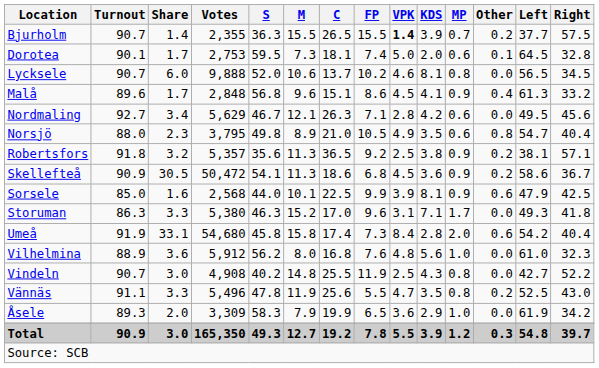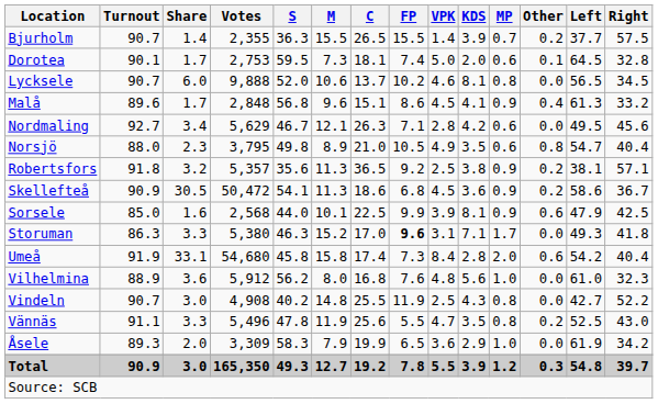 <table class="wikitable sortable" style=text-align:right>
 <tr>
 <th>Location</th>
 <th>Turnout</th>
 <th>Share</th>
 <th>Votes</th>
 <th><a href='#'>S</a></th>
 <th><a href='#'>M</a></th>
 <th><a href='#'>C</a></th>
 <th><a href='#'>FP</a></th>
 <th><a href='#'>VPK</a></th>
 <th><a href='#'>KDS</a></th>
 <th><a href='#'>MP</a></th>
 <th>Other</th>
 <th>Left</th>
 <th>Right</th>
 </tr>
 <tr>
 <td align=left><a href='#'>Bjurholm</a></td>
 <td>90.7</td>
 <td>1.4</td>
 <td>2,355</td>
 <td>36.3</td>
 <td>15.5</td>
 <td>26.5</td>
 <td>15.5</td>
-<td><strong>1.4</strong></td>
+<td>1.4</td>
 <td>3.9</td>
 <td>0.7</td>
 <td>0.2</td>
 <td>37.7</td>
 <td>57.5</td>
 </tr>
 <tr>
 <td align=left><a href='#'>Dorotea</a></td>
 <td>90.1</td>
 <td>1.7</td>
 <td>2,753</td>
 <td>59.5</td>
 <td>7.3</td>
 <td>18.1</td>
 <td>7.4</td>
 <td>5.0</td>
 <td>2.0</td>
 <td>0.6</td>
 <td>0.1</td>
 <td>64.5</td>
 <td>32.8</td>
 </tr>
 <tr>
 <td align=left><a href='#'>Lycksele</a></td>
 <td>90.7</td>
 <td>6.0</td>
 <td>9,888</td>
 <td>52.0</td>
 <td>10.6</td>
 <td>13.7</td>
 <td>10.2</td>
 <td>4.6</td>
 <td>8.1</td>
 <td>0.8</td>
 <td>0.0</td>
 <td>56.5</td>
 <td>34.5</td>
 </tr>
 <tr>
 <td align=left><a href='#'>Malå</a></td>
 <td>89.6</td>
 <td>1.7</td>
 <td>2,848</td>
 <td>56.8</td>
 <td>9.6</td>
 <td>15.1</td>
 <td>8.6</td>
 <td>4.5</td>
 <td>4.1</td>
 <td>0.9</td>
 <td>0.4</td>
 <td>61.3</td>
 <td>33.2</td>
 </tr>
 <tr>
 <td align=left><a href='#'>Nordmaling</a></td>
 <td>92.7</td>
 <td>3.4</td>
 <td>5,629</td>
 <td>46.7</td>
 <td>12.1</td>
 <td>26.3</td>
 <td>7.1</td>
 <td>2.8</td>
 <td>4.2</td>
 <td>0.6</td>
 <td>0.0</td>
 <td>49.5</td>
 <td>45.6</td>
 </tr>
 <tr>
 <td align=left><a href='#'>Norsjö</a></td>
 <td>88.0</td>
 <td>2.3</td>
 <td>3,795</td>
 <td>49.8</td>
 <td>8.9</td>
 <td>21.0</td>
 <td>10.5</td>
 <td>4.9</td>
 <td>3.5</td>
 <td>0.6</td>
 <td>0.8</td>
 <td>54.7</td>
 <td>40.4</td>
 </tr>
 <tr>
 <td align=left><a href='#'>Robertsfors</a></td>
 <td>91.8</td>
 <td>3.2</td>
 <td>5,357</td>
 <td>35.6</td>
 <td>11.3</td>
 <td>36.5</td>
 <td>9.2</td>
 <td>2.5</td>
 <td>3.8</td>
 <td>0.9</td>
 <td>0.2</td>
 <td>38.1</td>
 <td>57.1</td>
 </tr>
 <tr>
 <td align=left><a href='#'>Skellefteå</a></td>
 <td>90.9</td>
 <td>30.5</td>
 <td>50,472</td>
 <td>54.1</td>
 <td>11.3</td>
 <td>18.6</td>
 <td>6.8</td>
 <td>4.5</td>
 <td>3.6</td>
 <td>0.9</td>
 <td>0.2</td>
 <td>58.6</td>
 <td>36.7</td>
 </tr>
 <tr>
 <td align=left><a href='#'>Sorsele</a></td>
 <td>85.0</td>
 <td>1.6</td>
 <td>2,568</td>
 <td>44.0</td>
 <td>10.1</td>
 <td>22.5</td>
 <td>9.9</td>
 <td>3.9</td>
 <td>8.1</td>
 <td>0.9</td>
 <td>0.6</td>
 <td>47.9</td>
 <td>42.5</td>
 </tr>
 <tr>
 <td align=left><a href='#'>Storuman</a></td>
 <td>86.3</td>
 <td>3.3</td>
 <td>5,380</td>
 <td>46.3</td>
 <td>15.2</td>
 <td>17.0</td>
-<td>9.6</td>
+<td><strong>9.6</strong></td>
 <td>3.1</td>
 <td>7.1</td>
 <td>1.7</td>
 <td>0.0</td>
 <td>49.3</td>
 <td>41.8</td>
 </tr>
 <tr>
 <td align=left><a href='#'>Umeå</a></td>
 <td>91.9</td>
 <td>33.1</td>
 <td>54,680</td>
 <td>45.8</td>
 <td>15.8</td>
 <td>17.4</td>
 <td>7.3</td>
 <td>8.4</td>
 <td>2.8</td>
 <td>2.0</td>
 <td>0.6</td>
 <td>54.2</td>
 <td>40.4</td>
 </tr>
 <tr>
 <td align=left><a href='#'>Vilhelmina</a></td>
 <td>88.9</td>
 <td>3.6</td>
 <td>5,912</td>
 <td>56.2</td>
 <td>8.0</td>
 <td>16.8</td>
 <td>7.6</td>
 <td>4.8</td>
 <td>5.6</td>
 <td>1.0</td>
 <td>0.0</td>
 <td>61.0</td>
 <td>32.3</td>
 </tr>
 <tr>
 <td align=left><a href='#'>Vindeln</a></td>
 <td>90.7</td>
 <td>3.0</td>
 <td>4,908</td>
 <td>40.2</td>
 <td>14.8</td>
 <td>25.5</td>
 <td>11.9</td>
 <td>2.5</td>
 <td>4.3</td>
 <td>0.8</td>
 <td>0.0</td>
 <td>42.7</td>
 <td>52.2</td>
 </tr>
 <tr>
 <td align=left><a href='#'>Vännäs</a></td>
 <td>91.1</td>
 <td>3.3</td>
 <td>5,496</td>
 <td>47.8</td>
 <td>11.9</td>
 <td>25.6</td>
 <td>5.5</td>
 <td>4.7</td>
 <td>3.5</td>
 <td>0.8</td>
 <td>0.2</td>
 <td>52.5</td>
 <td>43.0</td>
 </tr>
 <tr>
 <td align=left><a href='#'>Åsele</a></td>
 <td>89.3</td>
 <td>2.0</td>
 <td>3,309</td>
 <td>58.3</td>
 <td>7.9</td>
 <td>19.9</td>
 <td>6.5</td>
 <td>3.6</td>
 <td>2.9</td>
 <td>1.0</td>
 <td>0.0</td>
 <td>61.9</td>
 <td>34.2</td>
 </tr>
 <tr>
 </tr>
 <tr style="background:#CDCDCD;">
 <td align=left><strong>Total</strong></td>
 <td><strong>90.9</strong></td>
 <td><strong>3.0</strong></td>
 <td><strong>165,350</strong></td>
 <td><strong>49.3</strong></td>
 <td><strong>12.7</strong></td>
 <td><strong>19.2</strong></td>
 <td><strong>7.8</strong></td>
 <td><strong>5.5</strong></td>
 <td><strong>3.9</strong></td>
 <td><strong>1.2</strong></td>
 <td><strong>0.3</strong></td>
 <td><strong>54.8</strong></td>
 <td><strong>39.7</strong></td>
 </tr>
 <tr>
 <td align=left colspan=14>Source: SCB </td>
 </tr>
 </table>
